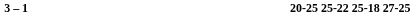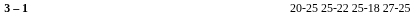 <table width=100% cellspacing=1>
 <tr>
 <th width=20%></th>
 <th width=12%></th>
 <th width=20%></th>
 <th width=33%></th>
 <td></td>
 </tr>
 <tr style=font-size:90%>
 <td align=right><strong></strong></td>
 <td align=center><strong>3 – 1</strong></td>
 <td></td>
-<td><strong>20-25 25-22 25-18 27-25</strong></td>
+<td>20-25 25-22 25-18 27-25</td>
 </tr>
 </table>
